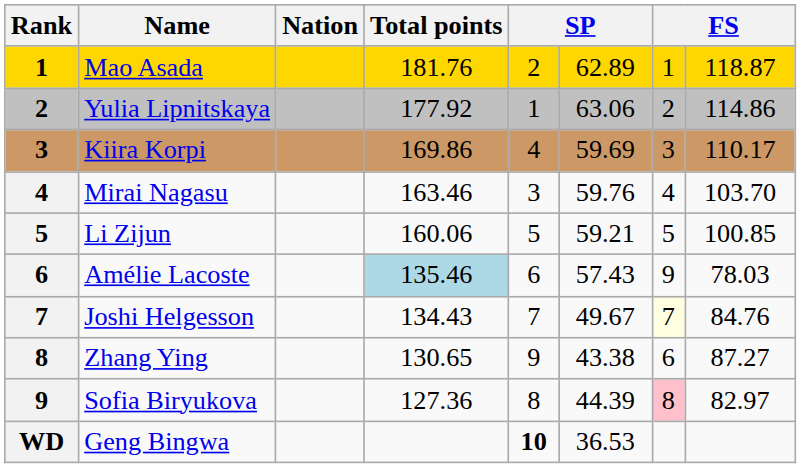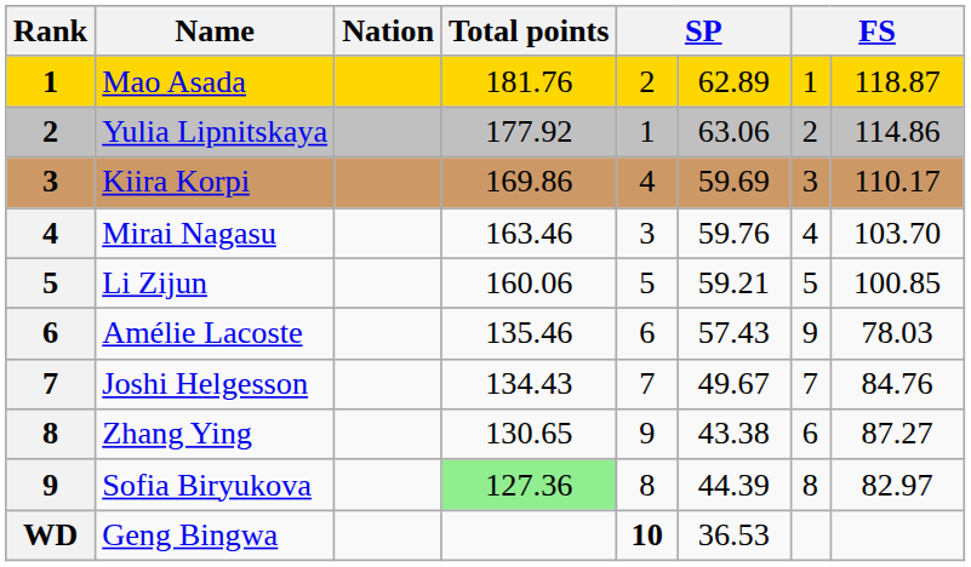 <table class="wikitable sortable">
 <tr>
 <th>Rank</th>
 <th>Name</th>
 <th>Nation</th>
 <th>Total points</th>
 <th colspan="2" width="80px" align="center"><strong><a href='#'>SP</a></strong></th>
 <th colspan="2" width="80px" align="center"><strong><a href='#'>FS</a></strong></th>
 </tr>
 <tr bgcolor="gold">
 <td align="center"><strong>1</strong></td>
 <td><a href='#'>Mao Asada</a></td>
 <td></td>
 <td align="center">181.76</td>
 <td align="center">2</td>
 <td align="center">62.89</td>
 <td align="center">1</td>
 <td align="center">118.87</td>
 </tr>
 <tr bgcolor="silver">
 <td align="center"><strong>2</strong></td>
 <td><a href='#'>Yulia Lipnitskaya</a></td>
 <td></td>
 <td align="center">177.92</td>
 <td align="center">1</td>
 <td align="center">63.06</td>
 <td align="center">2</td>
 <td align="center">114.86</td>
 </tr>
 <tr bgcolor="cc9966">
 <td align="center"><strong>3</strong></td>
 <td><a href='#'>Kiira Korpi</a></td>
 <td></td>
 <td align="center">169.86</td>
 <td align="center">4</td>
 <td align="center">59.69</td>
 <td align="center">3</td>
 <td align="center">110.17</td>
 </tr>
 <tr>
 <th>4</th>
 <td><a href='#'>Mirai Nagasu</a></td>
 <td></td>
 <td align="center">163.46</td>
 <td align="center">3</td>
 <td align="center">59.76</td>
 <td align="center">4</td>
 <td align="center">103.70</td>
 </tr>
 <tr>
 <th>5</th>
 <td><a href='#'>Li Zijun</a></td>
 <td></td>
 <td align="center">160.06</td>
 <td align="center">5</td>
 <td align="center">59.21</td>
 <td align="center">5</td>
 <td align="center">100.85</td>
 </tr>
 <tr>
 <th>6</th>
 <td><a href='#'>Amélie Lacoste</a></td>
 <td></td>
-<td align="center" style="background: lightblue;">135.46</td>
+<td align="center">135.46</td>
 <td align="center">6</td>
 <td align="center">57.43</td>
 <td align="center">9</td>
 <td align="center">78.03</td>
 </tr>
 <tr>
 <th>7</th>
 <td><a href='#'>Joshi Helgesson</a></td>
 <td></td>
 <td align="center">134.43</td>
 <td align="center">7</td>
 <td align="center">49.67</td>
-<td align="center" style="background: lightyellow;">7</td>
+<td align="center">7</td>
 <td align="center">84.76</td>
 </tr>
 <tr>
 <th>8</th>
 <td><a href='#'>Zhang Ying</a></td>
 <td></td>
 <td align="center">130.65</td>
 <td align="center">9</td>
 <td align="center">43.38</td>
 <td align="center">6</td>
 <td align="center">87.27</td>
 </tr>
 <tr>
 <th>9</th>
 <td><a href='#'>Sofia Biryukova</a></td>
 <td></td>
-<td align="center">127.36</td>
+<td align="center" style="background: lightgreen;">127.36</td>
 <td align="center">8</td>
 <td align="center">44.39</td>
-<td align="center" style="background: pink;">8</td>
+<td align="center">8</td>
 <td align="center">82.97</td>
 </tr>
 <tr>
 <th>WD</th>
 <td><a href='#'>Geng Bingwa</a></td>
 <td></td>
 <td align="center"></td>
 <td align="center"><strong>10</strong></td>
 <td align="center">36.53</td>
 <td align="center"></td>
 <td align="center"></td>
 </tr>
 </table>
